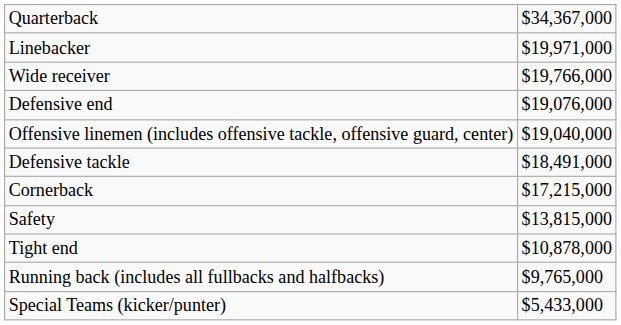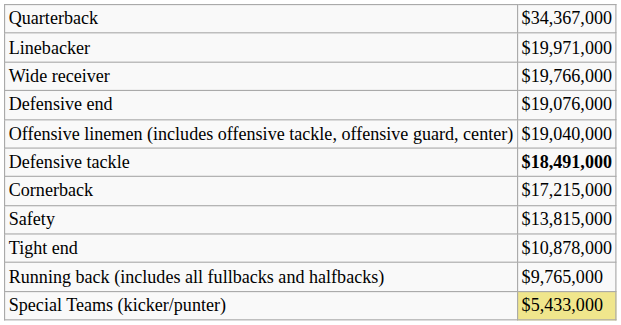 <table class="wikitable">
 <tr>
 <td>Quarterback</td>
 <td>$34,367,000</td>
 </tr>
 <tr>
 <td>Linebacker</td>
 <td>$19,971,000</td>
 </tr>
 <tr>
 <td>Wide receiver</td>
 <td>$19,766,000</td>
 </tr>
 <tr>
 <td>Defensive end</td>
 <td>$19,076,000</td>
 </tr>
 <tr>
 <td>Offensive  linemen (includes offensive tackle, offensive guard, center)</td>
 <td>$19,040,000</td>
 </tr>
 <tr>
 <td>Defensive  tackle</td>
-<td>$18,491,000</td>
+<td><strong>$18,491,000</strong></td>
 </tr>
 <tr>
 <td>Cornerback</td>
 <td>$17,215,000</td>
 </tr>
 <tr>
 <td>Safety</td>
 <td>$13,815,000</td>
 </tr>
 <tr>
 <td>Tight end</td>
 <td>$10,878,000</td>
 </tr>
 <tr>
 <td>Running  back (includes all fullbacks and halfbacks)</td>
 <td>$9,765,000</td>
 </tr>
 <tr>
 <td>Special  Teams (kicker/punter)</td>
-<td>$5,433,000</td>
+<td style="background: khaki;">$5,433,000</td>
 </tr>
 </table>
